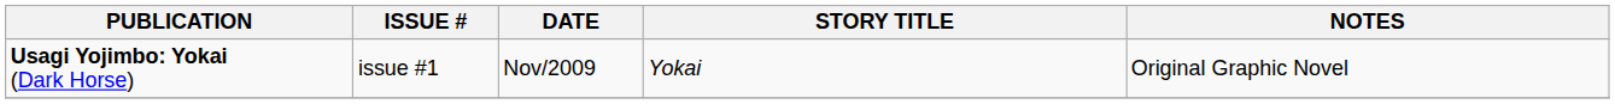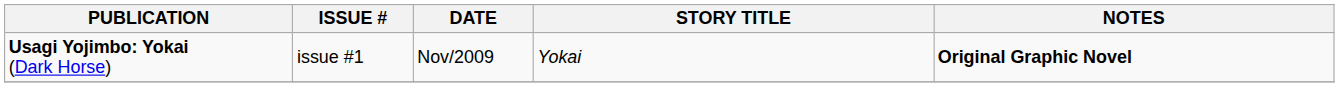 <table class="wikitable">
 <tr>
 <th width="250"><strong>PUBLICATION</strong></th>
 <th width="100"><strong>ISSUE #</strong></th>
 <th width="100"><strong>DATE</strong></th>
 <th width="350"><strong>STORY TITLE</strong></th>
 <th width="350"><strong>NOTES</strong></th>
 </tr>
 <tr>
 <td rowspan=1><strong>Usagi Yojimbo: Yokai</strong><br>(<a href='#'>Dark Horse</a>)</td>
 <td>issue #1</td>
 <td>Nov/2009</td>
 <td><em>Yokai</em></td>
-<td>Original Graphic Novel</td>
+<td><strong>Original Graphic Novel</strong></td>
 </tr>
 <tr>
 </tr>
 </table>
